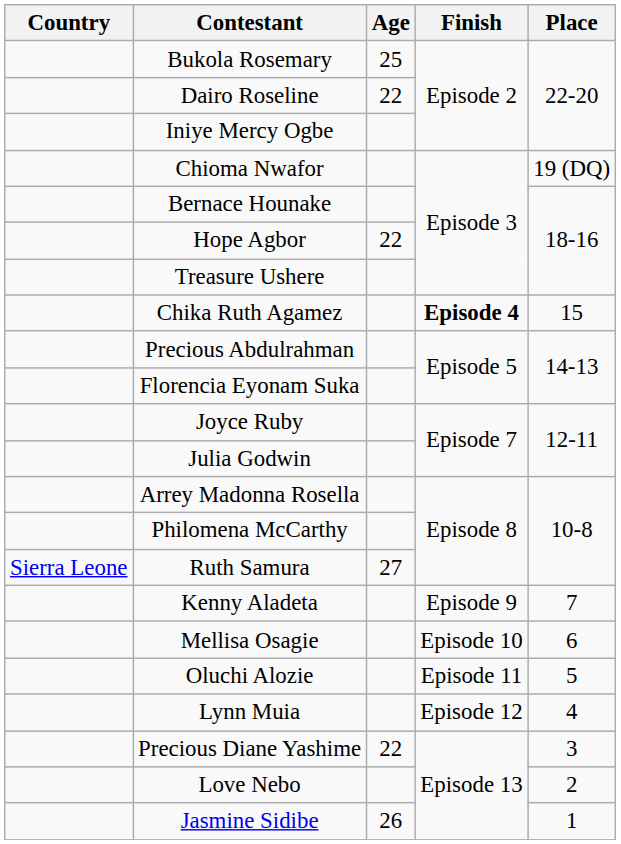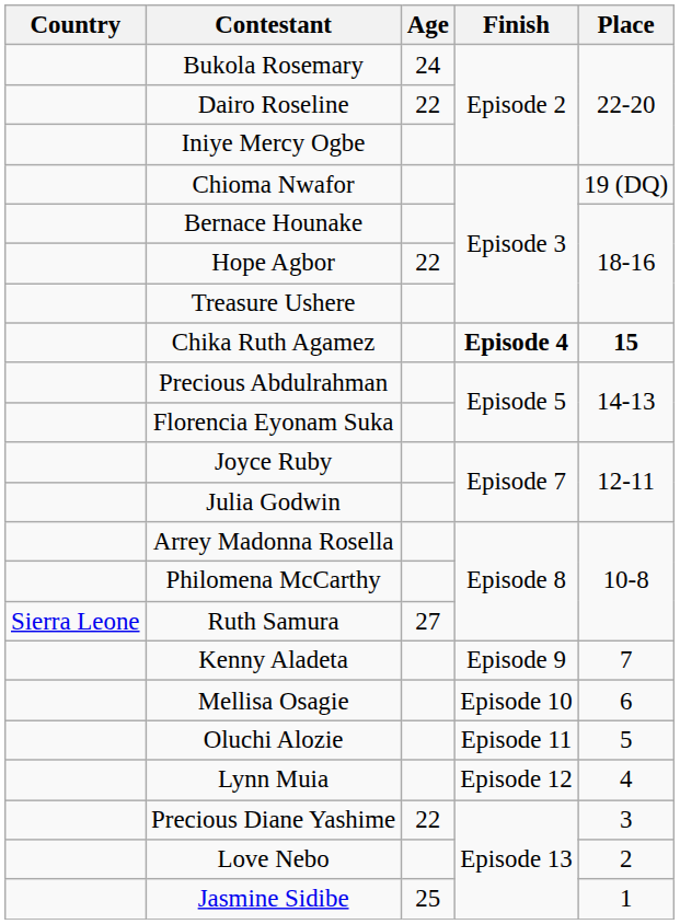 <table class="wikitable sortable" style="text-align:center;">
 <tr>
 <th>Country</th>
 <th>Contestant</th>
 <th>Age</th>
 <th>Finish</th>
 <th>Place</th>
 </tr>
 <tr>
 <td></td>
 <td>Bukola Rosemary</td>
-<td>25</td>
+<td>24</td>
 <td rowspan="3">Episode 2</td>
 <td rowspan="3">22-20</td>
 </tr>
 <tr>
 <td></td>
 <td>Dairo Roseline</td>
 <td>22</td>
 </tr>
 <tr>
 <td></td>
 <td>Iniye Mercy Ogbe</td>
 <td></td>
 </tr>
 <tr>
 <td></td>
 <td>Chioma Nwafor</td>
 <td></td>
 <td rowspan="4">Episode 3</td>
 <td>19 (DQ)</td>
 </tr>
 <tr>
 <td></td>
 <td>Bernace Hounake</td>
 <td></td>
 <td rowspan="3">18-16</td>
 </tr>
 <tr>
 <td></td>
 <td>Hope Agbor</td>
 <td>22</td>
 </tr>
 <tr>
 <td></td>
 <td>Treasure Ushere</td>
 <td></td>
 </tr>
 <tr>
 <td></td>
 <td>Chika Ruth Agamez</td>
 <td></td>
 <td><strong>Episode 4</strong></td>
-<td>15</td>
+<td><strong>15</strong></td>
 </tr>
 <tr>
 <td></td>
 <td>Precious Abdulrahman</td>
 <td></td>
 <td rowspan="2">Episode 5</td>
 <td rowspan="2">14-13</td>
 </tr>
 <tr>
 <td></td>
 <td>Florencia Eyonam Suka</td>
 <td></td>
 </tr>
 <tr>
 <td></td>
 <td>Joyce Ruby</td>
 <td></td>
 <td rowspan="2">Episode 7</td>
 <td rowspan="2">12-11</td>
 </tr>
 <tr>
 <td></td>
 <td>Julia Godwin</td>
 <td></td>
 </tr>
 <tr>
 <td></td>
 <td>Arrey Madonna Rosella</td>
 <td></td>
 <td rowspan="3">Episode 8</td>
 <td rowspan="3">10-8</td>
 </tr>
 <tr>
 <td></td>
 <td>Philomena McCarthy</td>
 <td></td>
 </tr>
 <tr>
 <td> <a href='#'>Sierra Leone</a></td>
 <td>Ruth Samura</td>
 <td>27</td>
 </tr>
 <tr>
 <td></td>
 <td>Kenny Aladeta</td>
 <td></td>
 <td>Episode 9</td>
 <td>7</td>
 </tr>
 <tr>
 <td></td>
 <td>Mellisa Osagie</td>
 <td></td>
 <td>Episode 10</td>
 <td>6</td>
 </tr>
 <tr>
 <td></td>
 <td>Oluchi Alozie</td>
 <td></td>
 <td>Episode 11</td>
 <td>5</td>
 </tr>
 <tr>
 <td></td>
 <td>Lynn Muia</td>
 <td></td>
 <td>Episode 12</td>
 <td>4</td>
 </tr>
 <tr>
 <td></td>
 <td>Precious Diane Yashime</td>
 <td>22</td>
 <td rowspan="3">Episode 13</td>
 <td>3</td>
 </tr>
 <tr>
 <td></td>
 <td>Love Nebo</td>
 <td></td>
 <td>2</td>
 </tr>
 <tr>
 <td></td>
 <td><a href='#'>Jasmine Sidibe</a></td>
-<td>26</td>
+<td>25</td>
 <td>1</td>
 </tr>
 </table>
